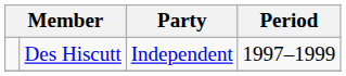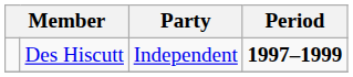 <table class="wikitable">
 <tr>
 <th colspan="2">Member</th>
 <th>Party</th>
 <th>Period</th>
 </tr>
 <tr>
 <td> </td>
 <td><a href='#'>Des Hiscutt</a></td>
 <td><a href='#'>Independent</a></td>
-<td>1997–1999</td>
+<td><strong>1997–1999</strong></td>
 </tr>
 <tr>
 </tr>
 </table>
